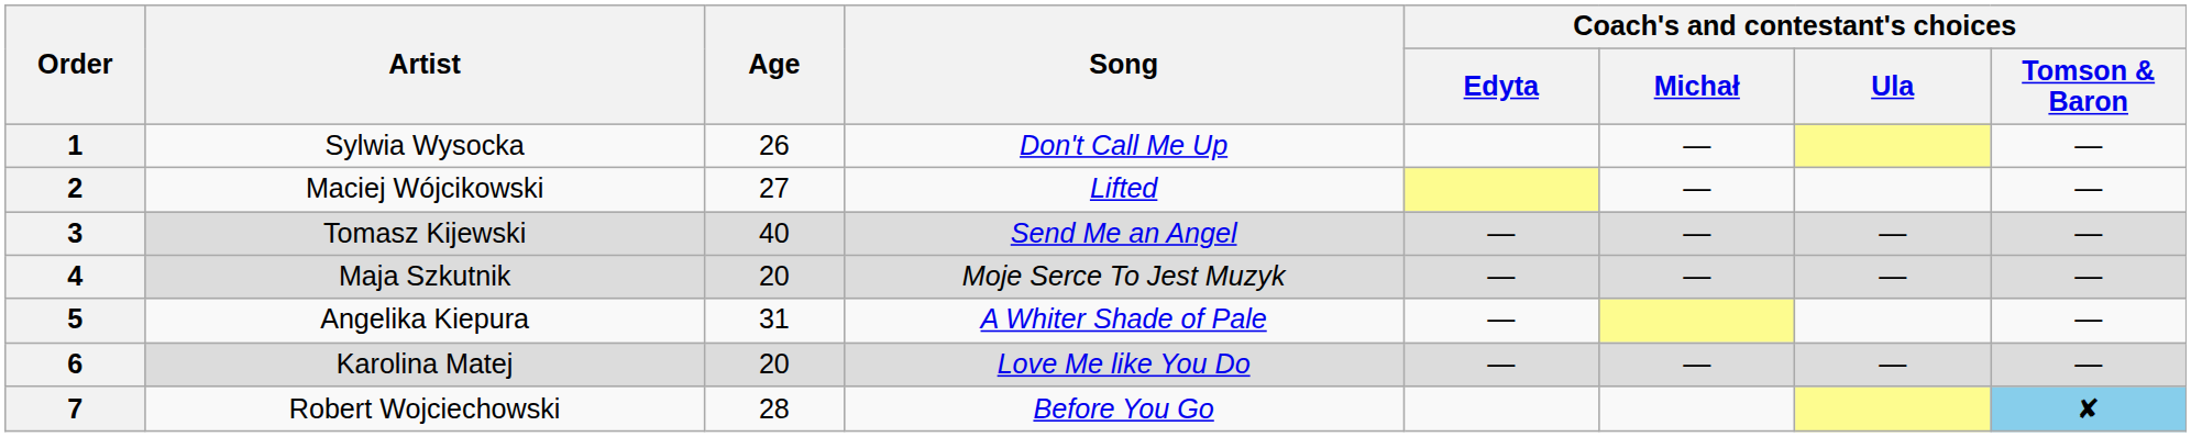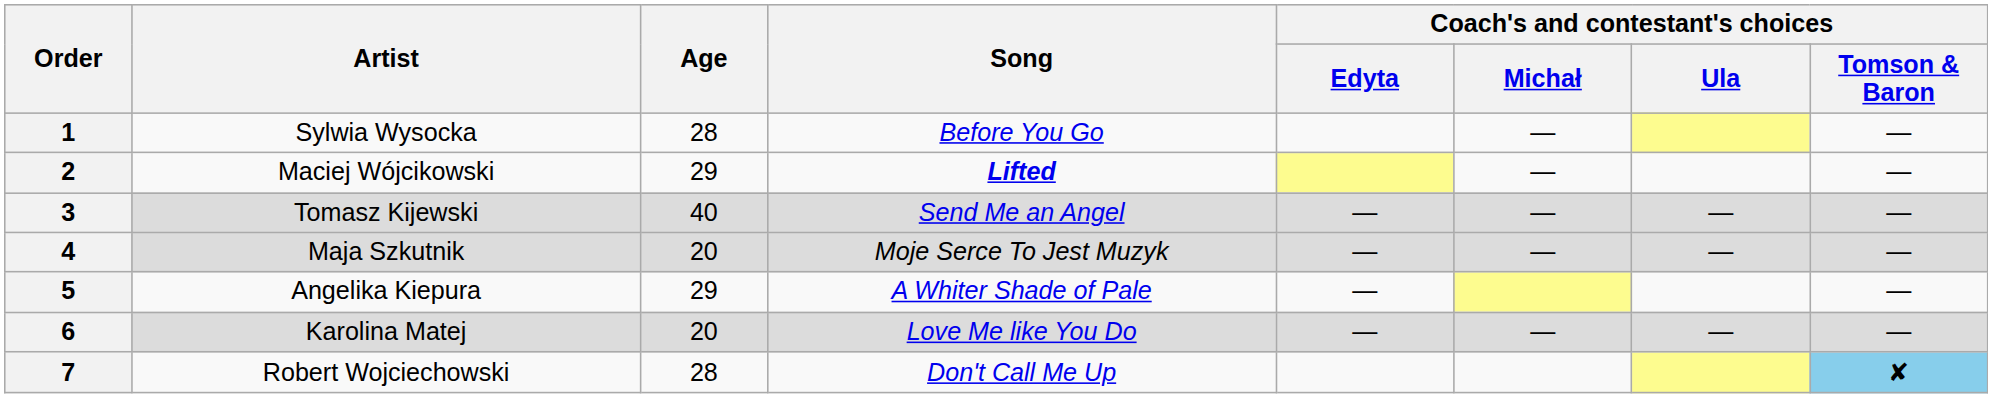 <table class="wikitable" style="text-align:center; width:100%;">
 <tr>
 <th scope="col" rowspan="2" style="width:05%;">Order</th>
 <th scope="col" rowspan="2" style="width:20%;">Artist</th>
 <th scope="col" rowspan="2" style="width:05%;">Age</th>
 <th scope="col" rowspan="2" style="width:20%;">Song</th>
 <th scope="col" colspan="4" style="width:32%;">Coach's and contestant's choices</th>
 </tr>
 <tr>
 <th style="width:07%;"><a href='#'>Edyta</a></th>
 <th style="width:07%;"><a href='#'>Michał</a></th>
 <th style="width:07%;"><a href='#'>Ula</a></th>
 <th style="width:07%;"><a href='#'>Tomson & Baron</a></th>
 </tr>
 <tr>
 <th>1</th>
 <td>Sylwia Wysocka</td>
-<td>26</td>
-<td><em><a href='#'>Don't Call Me Up</a></em></td>
+<td>28</td>
+<td><em><a href='#'>Before You Go</a></em></td>
 <td><strong></strong></td>
 <td>—</td>
 <td style="background:#fdfc8f;"><strong></strong></td>
 <td>—</td>
 </tr>
 <tr>
 <th>2</th>
 <td>Maciej Wójcikowski</td>
-<td>27</td>
-<td><em><a href='#'>Lifted</a></em></td>
+<td>29</td>
+<td><strong><em><a href='#'>Lifted</a></em></strong></td>
 <td style="background:#fdfc8f;"><strong></strong></td>
 <td>—</td>
 <td><strong></strong></td>
 <td>—</td>
 </tr>
 <tr>
 <th>3</th>
 <td style="background:#DCDCDC;">Tomasz Kijewski</td>
 <td style="background:#DCDCDC;">40</td>
 <td style="background:#DCDCDC;"><em><a href='#'>Send Me an Angel</a></em></td>
 <td style="background:#DCDCDC;">—</td>
 <td style="background:#DCDCDC;">—</td>
 <td style="background:#DCDCDC;">—</td>
 <td style="background:#DCDCDC;">—</td>
 </tr>
 <tr>
 <th>4</th>
 <td style="background:#DCDCDC;">Maja Szkutnik</td>
 <td style="background:#DCDCDC;">20</td>
 <td style="background:#DCDCDC;"><em>Moje Serce To Jest Muzyk</em></td>
 <td style="background:#DCDCDC;">—</td>
 <td style="background:#DCDCDC;">—</td>
 <td style="background:#DCDCDC;">—</td>
 <td style="background:#DCDCDC;">—</td>
 </tr>
 <tr>
 <th>5</th>
 <td>Angelika Kiepura</td>
-<td>31</td>
+<td>29</td>
 <td><em><a href='#'>A Whiter Shade of Pale</a></em></td>
 <td>—</td>
 <td style="background:#fdfc8f;"><strong></strong></td>
 <td><strong></strong></td>
 <td>—</td>
 </tr>
 <tr>
 <th>6</th>
 <td style="background:#DCDCDC;">Karolina Matej</td>
 <td style="background:#DCDCDC;">20</td>
 <td style="background:#DCDCDC;"><em><a href='#'>Love Me like You Do</a></em></td>
 <td style="background:#DCDCDC;">—</td>
 <td style="background:#DCDCDC;">—</td>
 <td style="background:#DCDCDC;">—</td>
 <td style="background:#DCDCDC;">—</td>
 </tr>
 <tr>
 <th>7</th>
 <td>Robert Wojciechowski</td>
 <td>28</td>
-<td><em><a href='#'>Before You Go</a></em></td>
+<td><em><a href='#'>Don't Call Me Up</a></em></td>
 <td><strong></strong></td>
 <td><strong></strong></td>
 <td style="background:#fdfc8f;"><strong></strong></td>
 <td style="background:#87ceeb;"> ✘ </td>
 </tr>
 </table>
